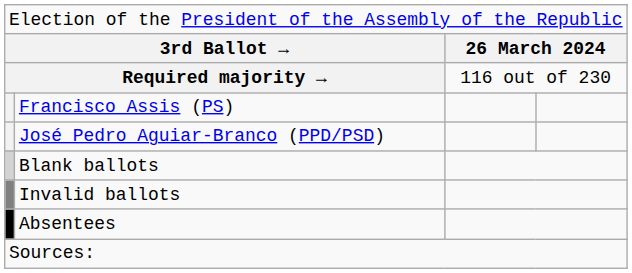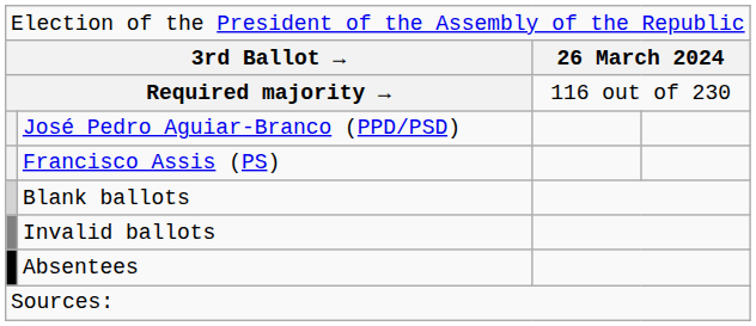 <table class="wikitable" style="text-align:center;">
 <tr>
 <td colspan="4" align="center">Election of the <a href='#'>President of the Assembly of the Republic</a></td>
 </tr>
 <tr>
 <th colspan="2" width="225px">3rd Ballot →</th>
 <th colspan="2">26 March 2024</th>
 </tr>
 <tr>
 <th colspan="2">Required majority →</th>
 <td colspan="2">116 out of 230</td>
 </tr>
 <tr>
 <th width="1px" style="background:"></th>
-<td align="left"><a href='#'>Francisco Assis</a> (<a href='#'>PS</a>)</td>
+<td align="left"><a href='#'>José Pedro Aguiar-Branco</a> (<a href='#'>PPD/PSD</a>)</td>
 <td></td>
 <td></td>
 </tr>
 <tr>
 <th width="1px" style="background:"></th>
-<td align="left"><a href='#'>José Pedro Aguiar-Branco</a> (<a href='#'>PPD/PSD</a>)</td>
+<td align="left"><a href='#'>Francisco Assis</a> (<a href='#'>PS</a>)</td>
 <td></td>
 <td></td>
 </tr>
 <tr>
 <th style="background:lightgray;"></th>
 <td align="left">Blank ballots</td>
 <td colspan="2"></td>
 </tr>
 <tr>
 <th style="background:gray;"></th>
 <td align="left">Invalid ballots</td>
 <td colspan="2"></td>
 </tr>
 <tr>
 <th style="background:black;"></th>
 <td align="left">Absentees</td>
 <td colspan="2"></td>
 </tr>
 <tr>
 <td align="left" colspan="4">Sources: </td>
 </tr>
 </table>
